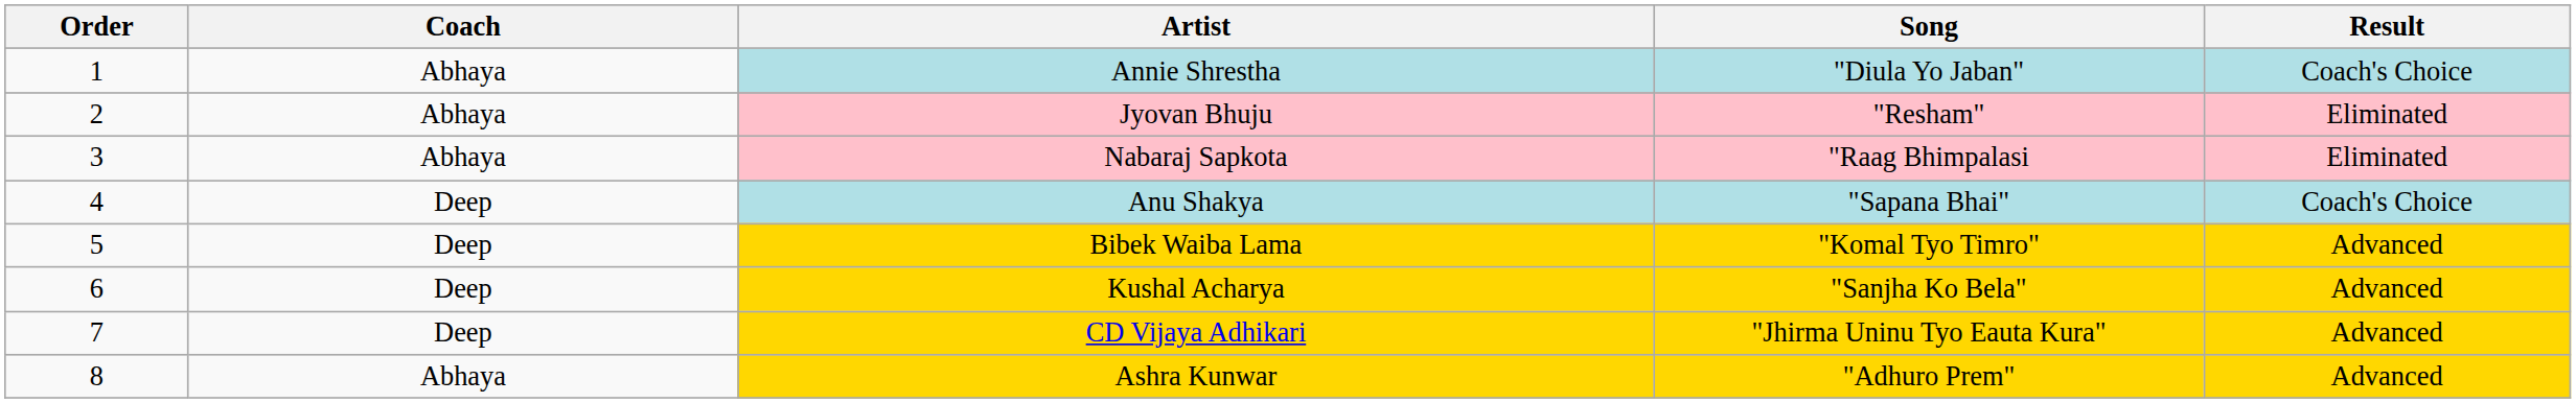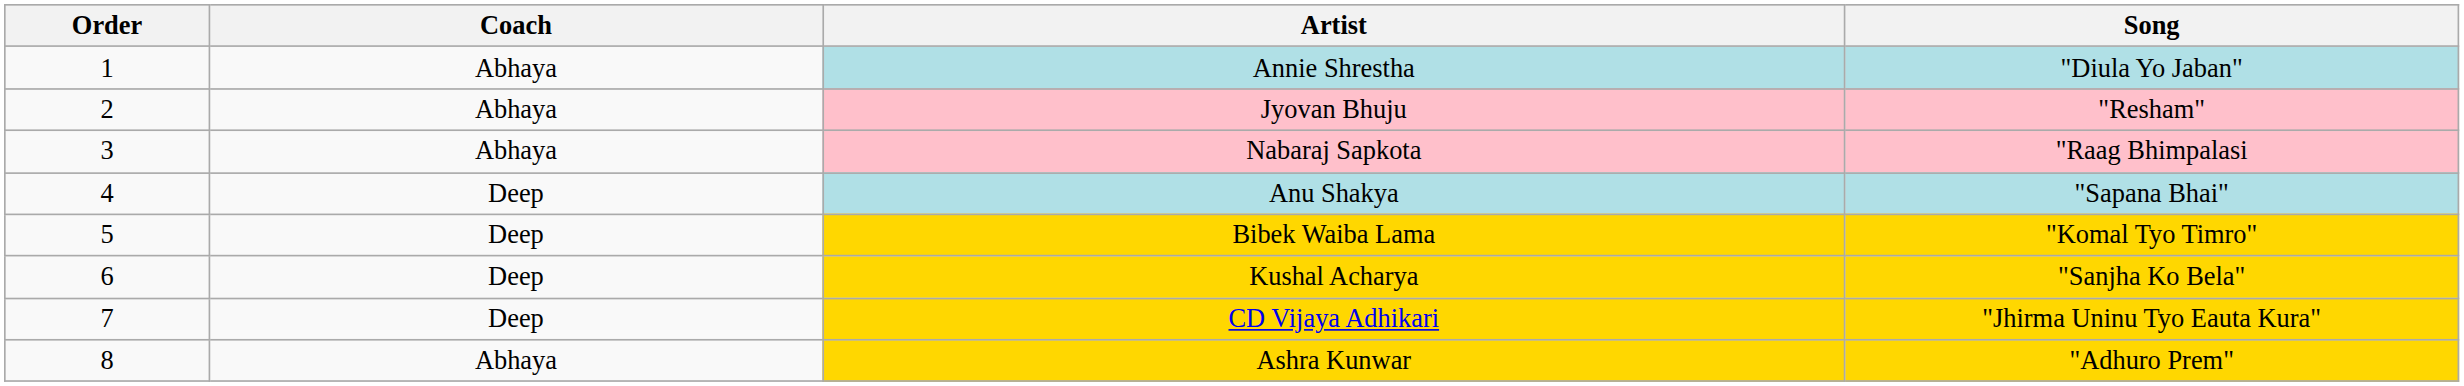 <table class="wikitable plainrowheaders" style="text-align:center; width:75%;">
 <tr>
 <th scope="col" style="width:05%;">Order</th>
 <th scope="col" style="width:15%;">Coach</th>
 <th scope="col" style="width:25%;">Artist</th>
 <th scope="col" style="width:15%;">Song</th>
-<th scope="col" style="width:10%;">Result</th>
 </tr>
 <tr>
 <td scope="row">1</td>
 <td>Abhaya</td>
 <td style="background:#b0e0e6">Annie Shrestha</td>
 <td style="background:#b0e0e6">"Diula Yo Jaban"</td>
-<td style="background:#b0e0e6">Coach's Choice</td>
 </tr>
 <tr>
 <td scope="row">2</td>
 <td>Abhaya</td>
 <td style="background:pink">Jyovan Bhuju</td>
 <td style="background:pink">"Resham"</td>
-<td style="background:pink">Eliminated</td>
 </tr>
 <tr>
 <td scope="row">3</td>
 <td>Abhaya</td>
 <td style="background:pink">Nabaraj Sapkota</td>
 <td style="background:pink">"Raag Bhimpalasi</td>
-<td style="background:pink">Eliminated</td>
 </tr>
 <tr>
 <td scope="row">4</td>
 <td>Deep</td>
 <td style="background:#b0e0e6">Anu Shakya</td>
 <td style="background:#b0e0e6">"Sapana Bhai"</td>
-<td style="background:#b0e0e6">Coach's Choice</td>
 </tr>
 <tr>
 <td scope="row">5</td>
 <td>Deep</td>
 <td style="background:gold">Bibek Waiba Lama</td>
 <td style="background:gold">"Komal Tyo Timro"</td>
-<td style="background:gold">Advanced</td>
 </tr>
 <tr>
 <td scope="row">6</td>
 <td>Deep</td>
 <td style="background:gold">Kushal Acharya</td>
 <td style="background:gold">"Sanjha Ko Bela"</td>
-<td style="background:gold">Advanced</td>
 </tr>
 <tr>
 <td scope="row">7</td>
 <td>Deep</td>
 <td style="background:gold"><a href='#'>CD Vijaya Adhikari</a></td>
 <td style="background:gold">"Jhirma Uninu Tyo Eauta Kura"</td>
-<td style="background:gold">Advanced</td>
 </tr>
 <tr>
 <td scope="row">8</td>
 <td>Abhaya</td>
 <td style="background:gold">Ashra Kunwar</td>
 <td style="background:gold">"Adhuro Prem"</td>
-<td style="background:gold">Advanced</td>
 </tr>
 </table>
